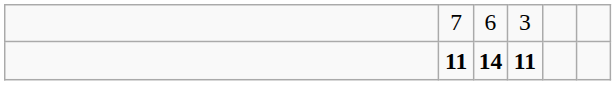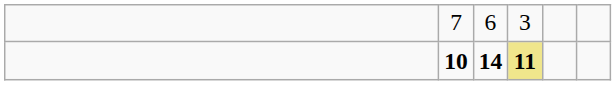 <table class="wikitable">
 <tr>
 <td style="width:18em"></td>
 <td align=center style="width:1em">7</td>
 <td align=center style="width:1em">6</td>
 <td align=center style="width:1em">3</td>
 <td align=center style="width:1em"></td>
 <td align=center style="width:1em"></td>
 </tr>
 <tr>
 <td style="width:18em"><strong></strong></td>
-<td align=center style="width:1em"><strong>11</strong></td>
+<td align=center style="width:1em"><strong>10</strong></td>
 <td align=center style="width:1em"><strong>14</strong></td>
-<td align=center style="width:1em"><strong>11</strong></td>
+<td align=center style="background: khaki; width:1em"><strong>11</strong></td>
 <td align=center style="width:1em"></td>
 <td align=center style="width:1em"></td>
 </tr>
 </table>
